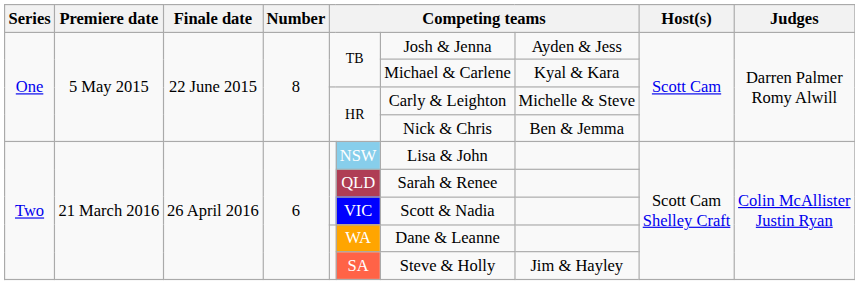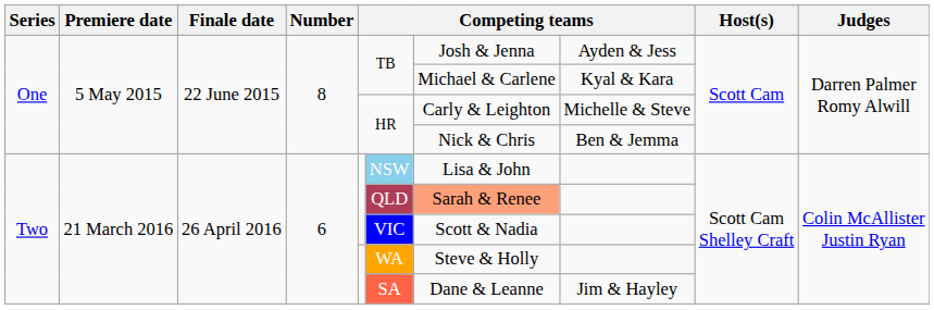 <table class="wikitable plainrowheaders" style="font-size:89%; text-align:center; white-space:nowrap;">
 <tr>
 <th scope="col">Series</th>
 <th scope="col" style="width:8em;">Premiere date</th>
 <th scope="col" style="width:8em;">Finale date</th>
 <th scope="col">Number<br></th>
 <th scope="col" colspan="4">Competing teams</th>
 <th scope="col" style="width:8em;">Host(s)</th>
 <th scope="col" style="width:8em;">Judges</th>
 </tr>
 <tr>
 <td scope="row" rowspan="4"><a href='#'>One</a></td>
 <td rowspan="4">5 May 2015</td>
 <td rowspan="4">22 June 2015</td>
 <td rowspan="4">8</td>
 <td rowspan="2" colspan="2" style="font-size: 9pt" style="background:red; color:white;">TB</td>
 <td style="width:9em;">Josh & Jenna</td>
 <td style="width:9em;" style="background:#EDE939; color:black;">Ayden & Jess</td>
 <td rowspan="4"><a href='#'>Scott Cam</a></td>
 <td rowspan="4">Darren Palmer<br>Romy Alwill</td>
 </tr>
 <tr>
 <td style="width:9em;">Michael & Carlene</td>
 <td style="width:9em;">Kyal & Kara</td>
 </tr>
 <tr>
 <td rowspan="2" colspan="2" style="font-size: 9pt" style="background:blue; color:white;">HR</td>
 <td style="width:9em;" style="background:#B2B4B2; color:black;">Carly & Leighton</td>
 <td style="width:9em;">Michelle & Steve</td>
 </tr>
 <tr>
 <td style="width:9em;">Nick & Chris</td>
 <td style="width:9em;">Ben & Jemma</td>
 </tr>
 <tr>
 <td scope="row" rowspan="5"><a href='#'>Two</a></td>
 <td rowspan="5">21 March 2016</td>
 <td rowspan="5">26 April 2016</td>
 <td rowspan="5">6</td>
 <td rowspan="3" style="font-size: 9pt" style="background:blue; color:white;"></td>
 <td style="background:skyblue; color:white;">NSW</td>
 <td style="width:9em;" style="background:#EDE939; color:black;">Lisa & John</td>
 <td style="width:9em;"></td>
 <td rowspan="5">Scott Cam<br><a href='#'>Shelley Craft</a></td>
 <td rowspan="5"><a href='#'>Colin McAllister</a><br><a href='#'>Justin Ryan</a></td>
 </tr>
 <tr>
 <td style="background:#AF3D55; color:white;">QLD</td>
-<td style="width:9em;">Sarah & Renee</td>
+<td style="background: lightsalmon; width:9em;">Sarah & Renee</td>
 <td style="width:9em;"></td>
 </tr>
 <tr>
 <td style="background:blue; color:white;">VIC</td>
 <td style="width:9em;" style="background:#B2B4B2; color:black;">Scott & Nadia</td>
 <td style="width:9em;"></td>
 </tr>
 <tr>
 <td rowspan="2" style="font-size: 9pt" style="background:red; color:white;"></td>
 <td style="background:orange; color:white;">WA</td>
-<td style="width:9em;">Dane & Leanne</td>
+<td style="width:9em;">Steve & Holly</td>
 <td style="width:9em;"></td>
 </tr>
 <tr>
 <td style="background:tomato; color:white;">SA</td>
-<td style="width:9em;">Steve & Holly</td>
+<td style="width:9em;">Dane & Leanne</td>
 <td style="width:9em;">Jim & Hayley</td>
 </tr>
 </table>
